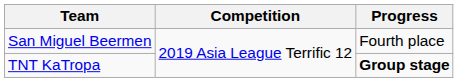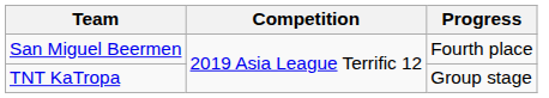 <table class="wikitable sortable">
 <tr>
 <th>Team</th>
 <th>Competition</th>
 <th>Progress</th>
 </tr>
 <tr>
 <td><a href='#'>San Miguel Beermen</a></td>
 <td rowspan=2><a href='#'>2019 Asia League</a> Terrific 12</td>
 <td>Fourth place</td>
 </tr>
 <tr>
 <td><a href='#'>TNT KaTropa</a></td>
-<td><strong>Group stage</strong></td>
+<td>Group stage</td>
 </tr>
 </table>
